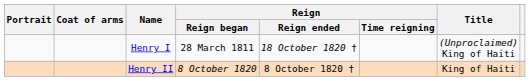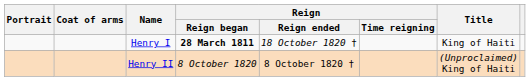 <table class="wikitable" style="text-align:center">
 <tr>
 <th rowspan=2>Portrait</th>
 <th rowspan=2>Coat of arms</th>
 <th rowspan=2>Name<br></th>
 <th colspan=3>Reign</th>
 <th rowspan=2>Title</th>
 <th rowspan=2></th>
 </tr>
 <tr>
 <th>Reign began</th>
 <th>Reign ended</th>
 <th>Time reigning</th>
 </tr>
 <tr>
 <td></td>
 <td></td>
 <td><a href='#'>Henry I</a><br></td>
-<td>28 March 1811</td>
+<td><strong>28 March 1811</strong></td>
 <td><em>18 October 1820</em> †</td>
 <td></td>
-<td><em>(Unproclaimed)</em><br>King of Haiti<br></td>
+<td>King of Haiti<br></td>
 <td></td>
 </tr>
 <tr style="background:#FBDDBD">
 <td></td>
 <td></td>
 <td><a href='#'>Henry II</a><br></td>
 <td><em>8 October 1820</em></td>
 <td>8 October 1820 †</td>
 <td></td>
-<td>King of Haiti<br></td>
+<td><em>(Unproclaimed)</em><br>King of Haiti<br></td>
 <td></td>
 </tr>
 </table>
